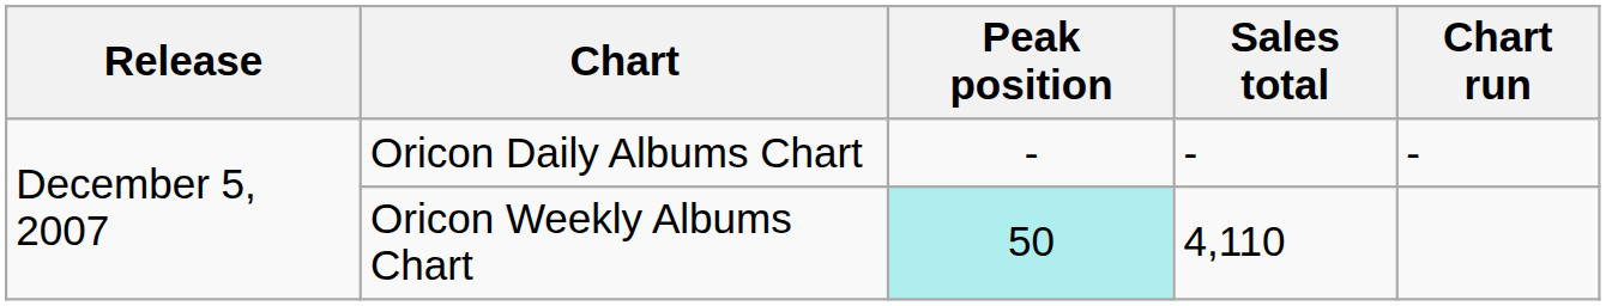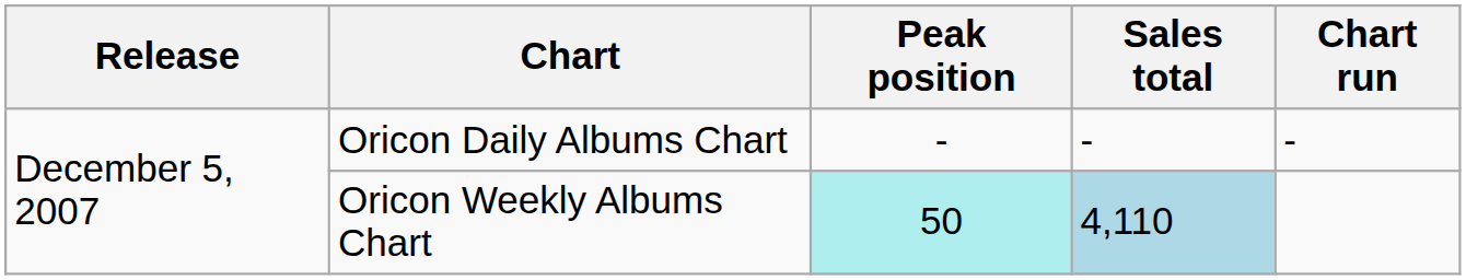 <table class="wikitable">
 <tr>
 <th>Release</th>
 <th>Chart</th>
 <th>Peak position</th>
 <th>Sales total</th>
 <th>Chart run</th>
 </tr>
 <tr>
 <td rowspan="2">December 5, 2007</td>
 <td>Oricon Daily Albums Chart</td>
 <td align="center">-</td>
 <td>-</td>
 <td>-</td>
 </tr>
 <tr>
 <td>Oricon Weekly Albums Chart</td>
 <td align="center" style="background: paleturquoise;">50</td>
-<td>4,110</td>
+<td style="background: lightblue;">4,110</td>
 <td></td>
 </tr>
 </table>
